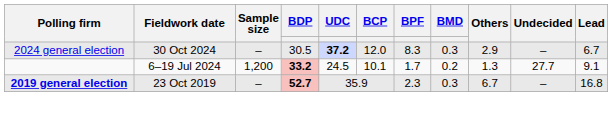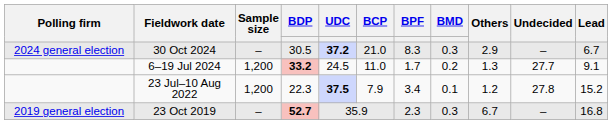 <table class="wikitable sortable mw-datatable mw-collapsible" style="text-align:center;font-size:90%;line-height:14px;">
 <tr style="height:40px;">
 <th style="width:155px;" rowspan="2">Polling firm</th>
 <th style="width:120px;" rowspan="2">Fieldwork date</th>
 <th style="width: 35px;" rowspan="2">Sample<br>size</th>
 <th class="unsortable" style="width:40px;"><a href='#'>BDP</a></th>
 <th class="unsortable" style="width:40px;"><a href='#'>UDC</a></th>
 <th class="unsortable" style="width:40px;"><a href='#'>BCP</a></th>
 <th class="unsortable" style="width:40px;"><a href='#'>BPF</a></th>
 <th class="unsortable" style="width:40px;"><a href='#'>BMD</a></th>
 <th class="unsortable" style="width:30px;" rowspan="2">Others</th>
 <th class="unsortable" style="width:30px;" rowspan="2">Undecided</th>
 <th rowspan="2" data-sort-type="number">Lead</th>
 </tr>
 <tr>
 <th style="background:"></th>
 <th style="background:"></th>
 <th style="background:"></th>
 <th style="background:"></th>
 <th style="background:"></th>
 </tr>
 <tr style="background:#E9E9E9;">
 <td><a href='#'>2024 general election</a></td>
 <td>30 Oct 2024</td>
 <td>–</td>
 <td>30.5</td>
 <td style="background:#CED7FD;"><strong>37.2</strong></td>
-<td>12.0</td>
+<td>21.0</td>
 <td>8.3</td>
 <td>0.3</td>
 <td>2.9</td>
 <td>–</td>
 <td style="background:">6.7</td>
 </tr>
 <tr>
 <td></td>
 <td>6–19 Jul 2024</td>
 <td>1,200</td>
 <td style="background:rgb(248, 193, 190);"><strong>33.2</strong></td>
 <td>24.5</td>
-<td>10.1</td>
+<td>11.0</td>
 <td>1.7</td>
 <td>0.2</td>
 <td>1.3</td>
 <td>27.7</td>
 <td style="background:">9.1</td>
 </tr>
+<tr>
+<td></td>
+<td>23 Jul–10 Aug 2022</td>
+<td>1,200</td>
+<td>22.3</td>
+<td style="background:#CED7FD;"><strong>37.5</strong></td>
+<td>7.9</td>
+<td>3.4</td>
+<td>0.1</td>
+<td>1.2</td>
+<td>27.8</td>
+<td style="background:">15.2</td>
+</tr>
 <tr style="background:#E9E9E9;">
-<td><strong><a href='#'>2019 general election</a></strong></td>
+<td><a href='#'>2019 general election</a></td>
 <td>23 Oct 2019</td>
 <td>–</td>
 <td style="background:rgb(248, 193, 190);"><strong>52.7</strong></td>
 <td colspan=2>35.9</td>
 <td>2.3</td>
 <td>0.3</td>
 <td>6.7</td>
 <td>–</td>
 <td style="background:">16.8</td>
 </tr>
 </table>
